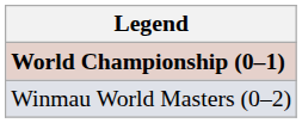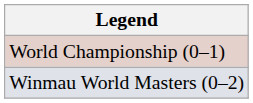 <table class="wikitable">
 <tr>
 <th>Legend</th>
 </tr>
 <tr style="background:#e5d1cb;">
-<td><strong>World Championship (0–1)</strong></td>
+<td>World Championship (0–1)</td>
 </tr>
 <tr style="background:#dfe2e9;">
 <td>Winmau World Masters (0–2)</td>
 </tr>
 </table>
